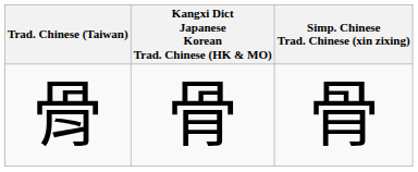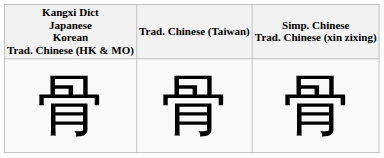 <table class="wikitable" style="text-align:center;">
 <tr>
+<th>Kangxi Dict<br>Japanese<br>Korean<br>Trad. Chinese (HK & MO)</th>
 <th>Trad. Chinese (Taiwan)</th>
-<th>Kangxi Dict<br>Japanese<br>Korean<br>Trad. Chinese (HK & MO)</th>
 <th>Simp. Chinese<br>Trad. Chinese (xin zixing)</th>
 </tr>
 <tr style="font-size:6em;font-family:serif;line-height:100%;">
+<td lang="ja">骨</td>
 <td lang="zh-tw">骨</td>
-<td lang="ja">骨</td>
 <td lang="zh-cn">骨</td>
 </tr>
 </table>
